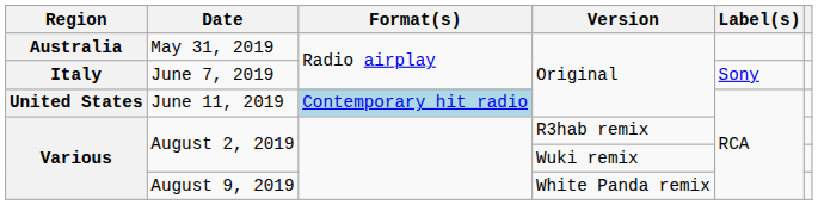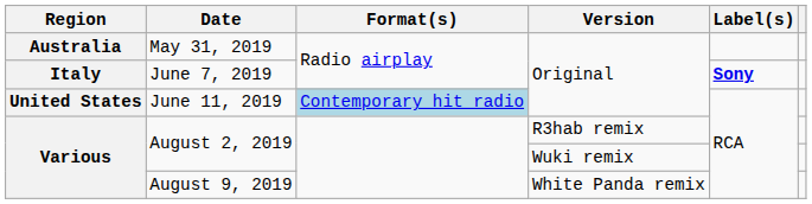 <table class="wikitable plainrowheaders">
 <tr>
 <th scope="col">Region</th>
 <th scope="col">Date</th>
 <th scope="col">Format(s)</th>
 <th scope="col">Version</th>
 <th scope="col">Label(s)</th>
 <th scope="col"></th>
 </tr>
 <tr>
 <th scope="row">Australia</th>
 <td>May 31, 2019</td>
 <td rowspan="2">Radio <a href='#'>airplay</a></td>
 <td rowspan="3">Original</td>
 <td></td>
 <td align="center"></td>
 </tr>
 <tr>
 <th scope="row">Italy</th>
 <td>June 7, 2019</td>
-<td><a href='#'>Sony</a></td>
+<td><strong><a href='#'>Sony</a></strong></td>
 <td align="center"></td>
 </tr>
 <tr>
 <th scope="row">United States</th>
 <td>June 11, 2019</td>
 <td style="background: lightblue;"><a href='#'>Contemporary hit radio</a></td>
 <td rowspan="4">RCA</td>
 <td align="center"></td>
 </tr>
 <tr>
 <th rowspan="3" scope="row">Various</th>
 <td rowspan="2">August 2, 2019</td>
 <td rowspan="3"></td>
 <td>R3hab remix</td>
 <td align="center"></td>
 </tr>
 <tr>
 <td>Wuki remix</td>
 <td align="center"></td>
 </tr>
 <tr>
 <td>August 9, 2019</td>
 <td>White Panda remix</td>
 <td align="center"></td>
 </tr>
 </table>
